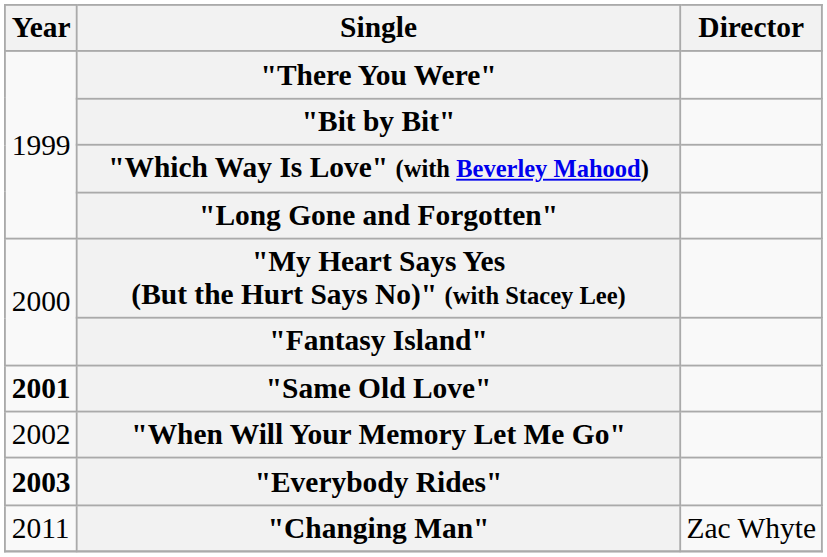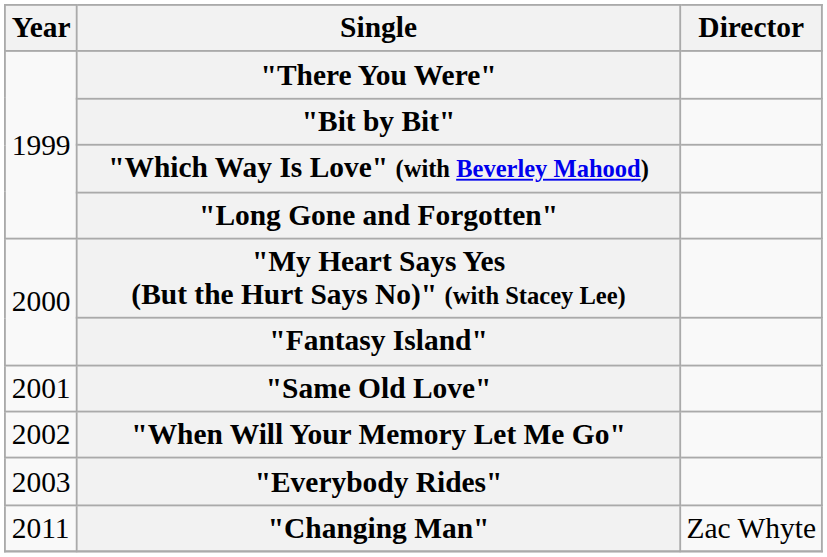 <table class="wikitable plainrowheaders">
 <tr>
 <th>Year</th>
 <th style="width:20em;">Single</th>
 <th>Director</th>
 </tr>
 <tr>
 <td rowspan="4">1999</td>
 <th scope="row">"There You Were"</th>
 <td></td>
 </tr>
 <tr>
 <th scope="row">"Bit by Bit"</th>
 <td></td>
 </tr>
 <tr>
 <th scope="row">"Which Way Is Love" <small>(with <a href='#'>Beverley Mahood</a>)</small></th>
 <td></td>
 </tr>
 <tr>
 <th scope="row">"Long Gone and Forgotten"</th>
 <td></td>
 </tr>
 <tr>
 <td rowspan="2">2000</td>
 <th scope="row">"My Heart Says Yes<br>(But the Hurt Says No)" <small>(with Stacey Lee)</small></th>
 <td></td>
 </tr>
 <tr>
 <th scope="row">"Fantasy Island"</th>
 <td></td>
 </tr>
 <tr>
-<td><strong>2001</strong></td>
+<td>2001</td>
 <th scope="row">"Same Old Love"</th>
 <td></td>
 </tr>
 <tr>
 <td>2002</td>
 <th scope="row">"When Will Your Memory Let Me Go"</th>
 <td></td>
 </tr>
 <tr>
-<td><strong>2003</strong></td>
+<td>2003</td>
 <th scope="row">"Everybody Rides"</th>
 <td></td>
 </tr>
 <tr>
 <td>2011</td>
 <th scope="row">"Changing Man"</th>
 <td>Zac Whyte</td>
 </tr>
 <tr>
 </tr>
 </table>
